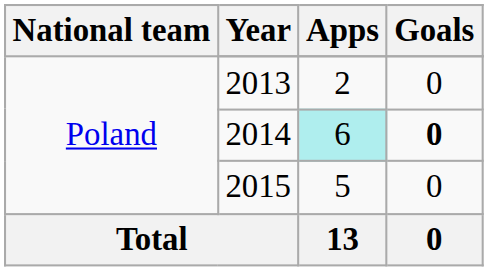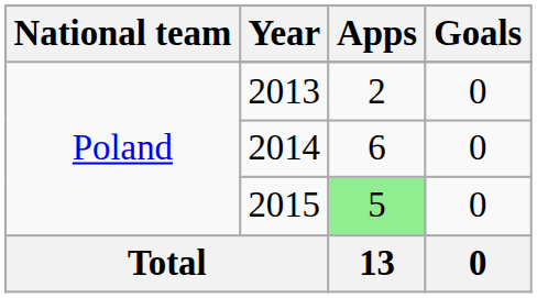 <table class="wikitable" style="text-align:center">
 <tr>
 <th>National team</th>
 <th>Year</th>
 <th>Apps</th>
 <th>Goals</th>
 </tr>
 <tr>
 <td rowspan=4><a href='#'>Poland</a></td>
 </tr>
 <tr>
 <td>2013</td>
 <td>2</td>
 <td>0</td>
 </tr>
 <tr>
 <td>2014</td>
-<td style="background: paleturquoise;">6</td>
-<td><strong>0</strong></td>
+<td>6</td>
+<td>0</td>
 </tr>
 <tr>
 <td>2015</td>
-<td>5</td>
+<td style="background: lightgreen;">5</td>
 <td>0</td>
 </tr>
 <tr>
 <th colspan="2">Total</th>
 <th>13</th>
 <th>0</th>
 </tr>
 </table>
